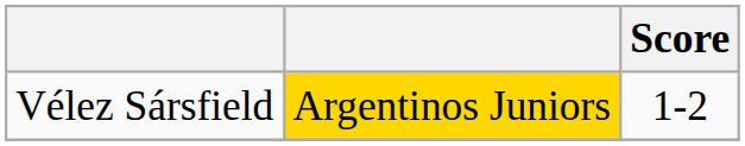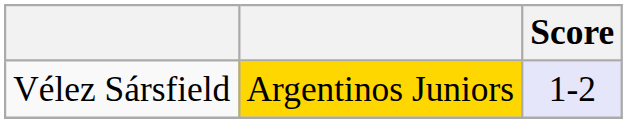 <table class="wikitable" style="text-align: center;">
 <tr>
 <th></th>
 <th></th>
 <th>Score</th>
 </tr>
 <tr>
 <td>Vélez Sársfield</td>
 <td bgcolor="gold">Argentinos Juniors</td>
-<td>1-2</td>
+<td style="background: lavender;">1-2</td>
 </tr>
 <tr>
 </tr>
 </table>
